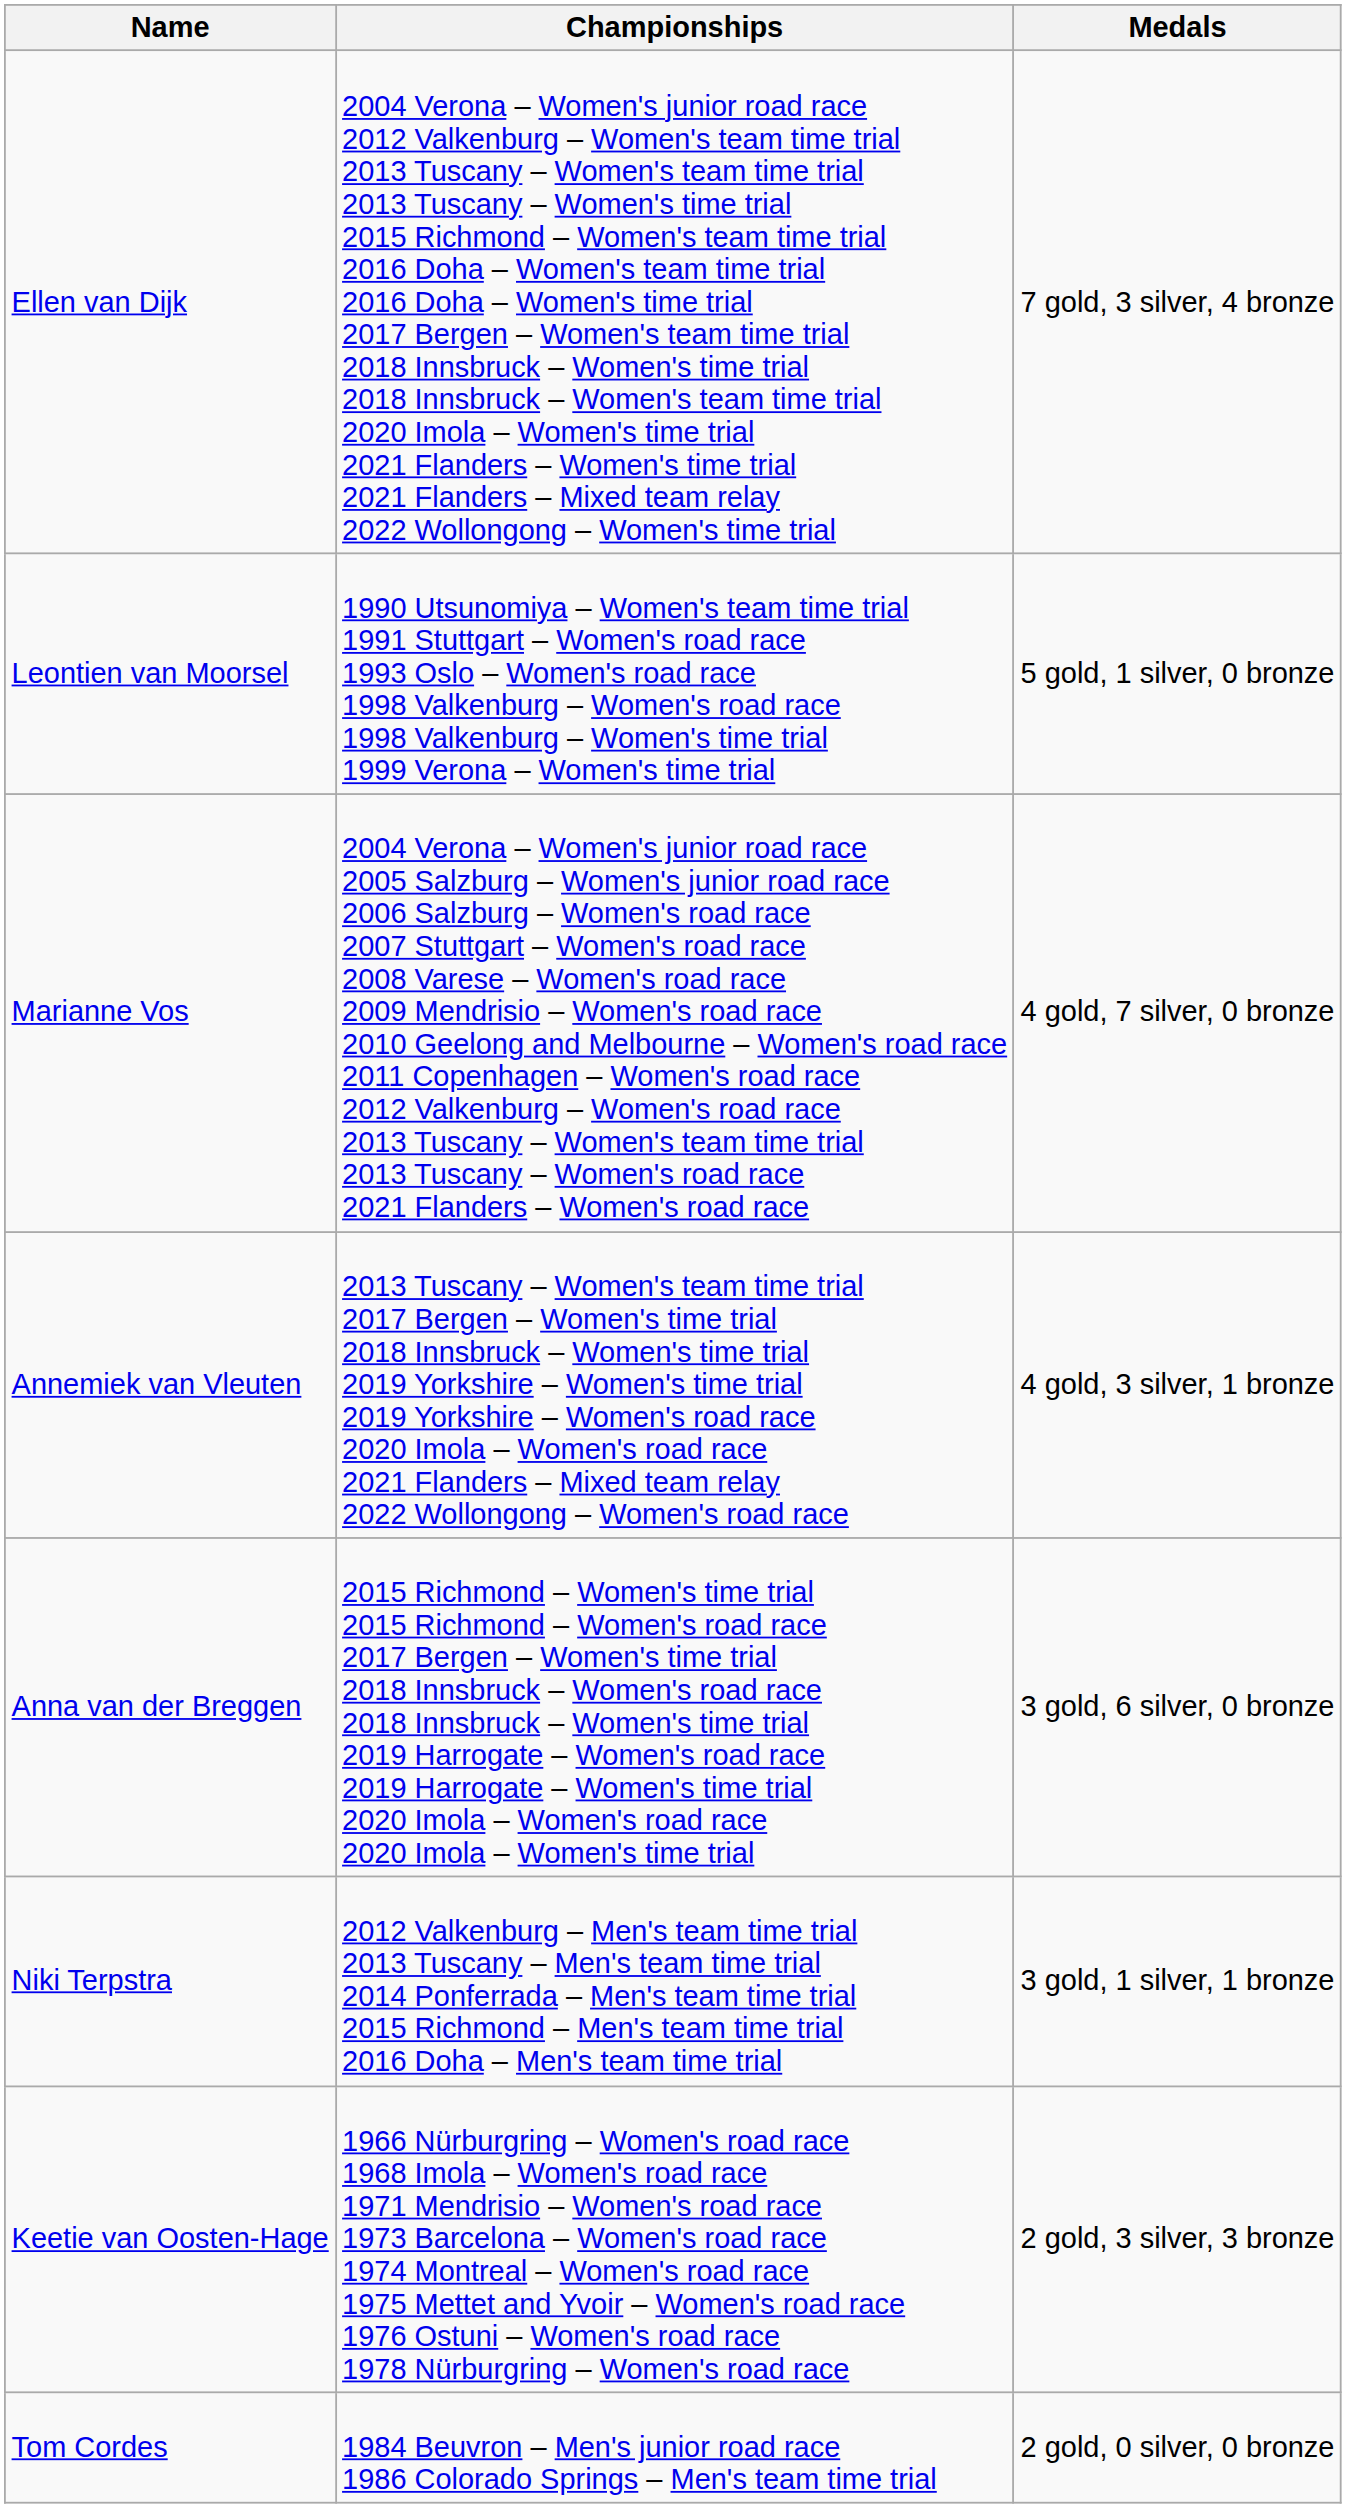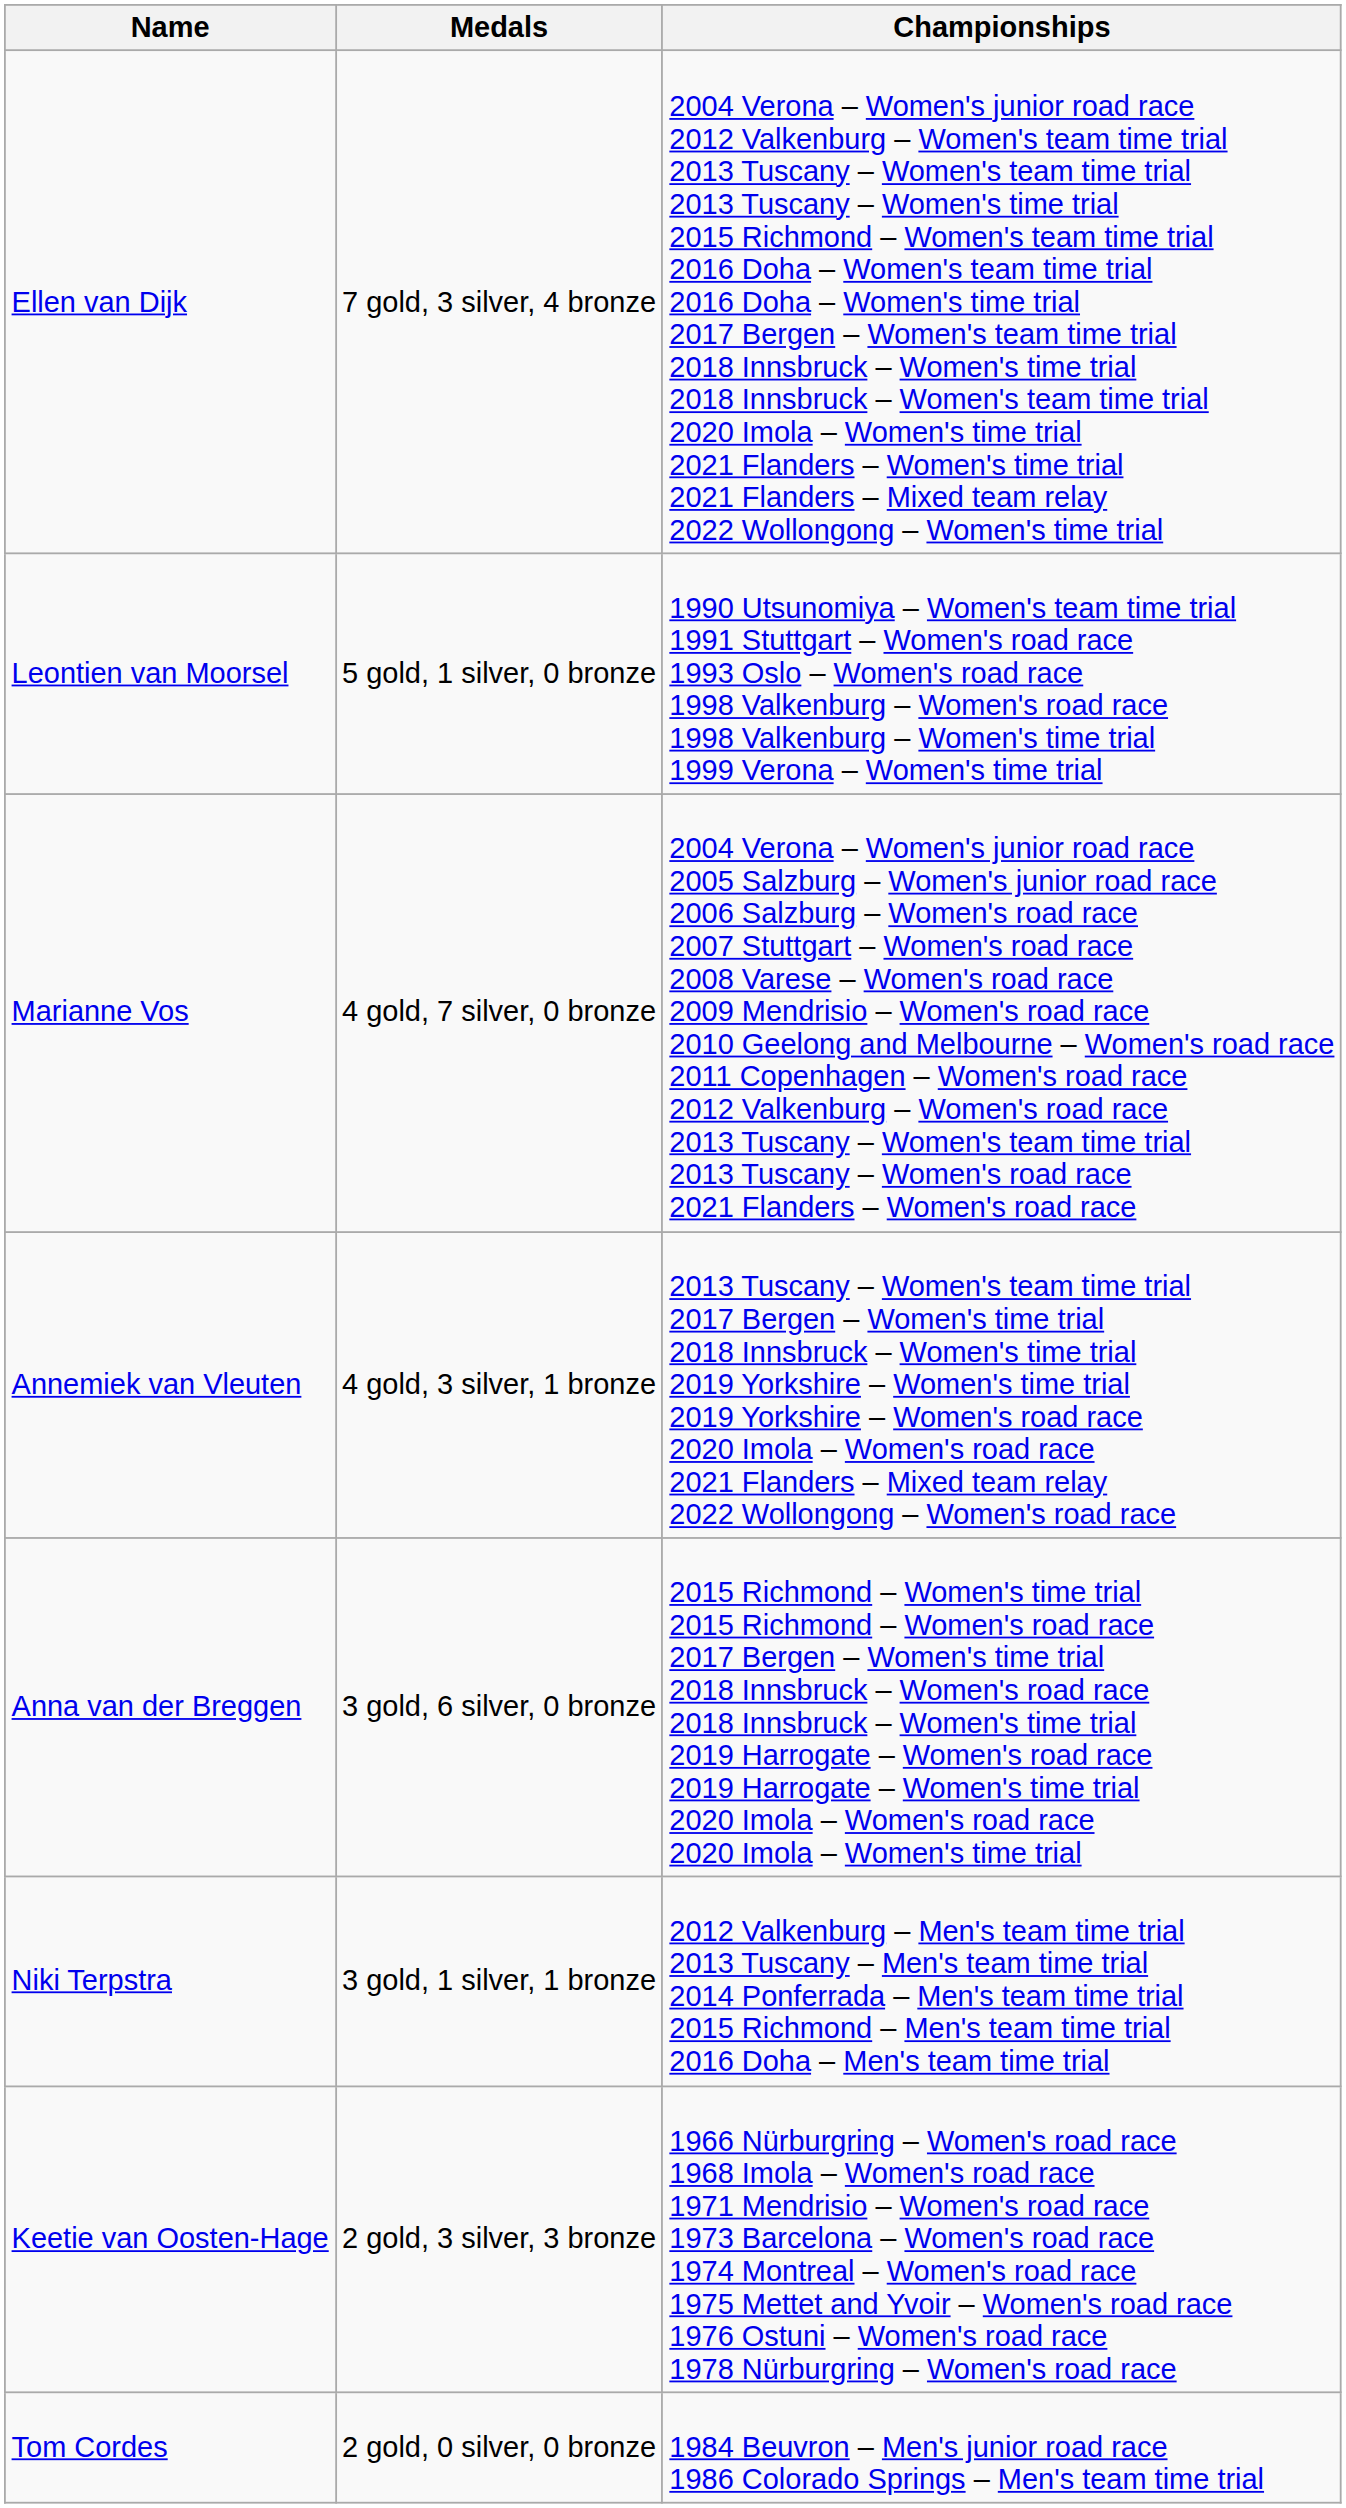 <table class="wikitable">
 <tr>
 <th>Name</th>
+<th>Medals</th>
 <th>Championships</th>
-<th>Medals</th>
 </tr>
 <tr>
 <td><a href='#'>Ellen van Dijk</a></td>
+<td>7 gold, 3 silver, 4 bronze</td>
 <td><br> <a href='#'>2004 Verona</a> – <a href='#'>Women's junior road race</a><br>  <a href='#'>2012 Valkenburg</a> – <a href='#'>Women's team time trial</a><br>  <a href='#'>2013 Tuscany</a> – <a href='#'>Women's team time trial</a><br>  <a href='#'>2013 Tuscany</a> – <a href='#'>Women's time trial</a><br>  <a href='#'>2015 Richmond</a> – <a href='#'>Women's team time trial</a><br>  <a href='#'>2016 Doha</a> – <a href='#'>Women's team time trial</a><br>  <a href='#'>2016 Doha</a> – <a href='#'>Women's time trial</a><br>  <a href='#'>2017 Bergen</a> – <a href='#'>Women's team time trial</a><br>  <a href='#'>2018 Innsbruck</a> – <a href='#'>Women's time trial</a><br>  <a href='#'>2018 Innsbruck</a> – <a href='#'>Women's team time trial</a><br>  <a href='#'>2020 Imola</a> – <a href='#'>Women's time trial</a><br>  <a href='#'>2021 Flanders</a> – <a href='#'>Women's time trial</a><br>  <a href='#'>2021 Flanders</a> – <a href='#'>Mixed team relay</a><br>  <a href='#'>2022 Wollongong</a> – <a href='#'>Women's time trial</a><br></td>
-<td>7 gold, 3 silver, 4 bronze</td>
 </tr>
 <tr>
 <td><a href='#'>Leontien van Moorsel</a></td>
+<td>5 gold, 1 silver, 0 bronze</td>
 <td><br> <a href='#'>1990 Utsunomiya</a> – <a href='#'>Women's team time trial</a><br>  <a href='#'>1991 Stuttgart</a> – <a href='#'>Women's road race</a><br>  <a href='#'>1993 Oslo</a> – <a href='#'>Women's road race</a><br>  <a href='#'>1998 Valkenburg</a> – <a href='#'>Women's road race</a><br>  <a href='#'>1998 Valkenburg</a> – <a href='#'>Women's time trial</a><br>  <a href='#'>1999 Verona</a> – <a href='#'>Women's time trial</a><br></td>
-<td>5 gold, 1 silver, 0 bronze</td>
 </tr>
 <tr>
 <td><a href='#'>Marianne Vos</a></td>
+<td>4 gold, 7 silver, 0 bronze</td>
 <td><br> <a href='#'>2004 Verona</a> – <a href='#'>Women's junior road race</a><br>  <a href='#'>2005 Salzburg</a> – <a href='#'>Women's junior road race</a><br>  <a href='#'>2006 Salzburg</a> – <a href='#'>Women's road race</a><br>  <a href='#'>2007 Stuttgart</a> – <a href='#'>Women's road race</a><br>  <a href='#'>2008 Varese</a> – <a href='#'>Women's road race</a><br>  <a href='#'>2009 Mendrisio</a> – <a href='#'>Women's road race</a><br>  <a href='#'>2010 Geelong and Melbourne</a> – <a href='#'>Women's road race</a><br>  <a href='#'>2011 Copenhagen</a> – <a href='#'>Women's road race</a><br>  <a href='#'>2012 Valkenburg</a> – <a href='#'>Women's road race</a><br>  <a href='#'>2013 Tuscany</a> – <a href='#'>Women's team time trial</a><br>  <a href='#'>2013 Tuscany</a> – <a href='#'>Women's road race</a><br>  <a href='#'>2021 Flanders</a> – <a href='#'>Women's road race</a><br></td>
-<td>4 gold, 7 silver, 0 bronze</td>
 </tr>
 <tr>
 <td><a href='#'>Annemiek van Vleuten</a></td>
+<td>4 gold, 3 silver, 1 bronze</td>
 <td><br> <a href='#'>2013 Tuscany</a> – <a href='#'>Women's team time trial</a><br>  <a href='#'>2017 Bergen</a> – <a href='#'>Women's time trial</a><br>  <a href='#'>2018 Innsbruck</a> – <a href='#'>Women's time trial</a><br>  <a href='#'>2019 Yorkshire</a> – <a href='#'>Women's time trial</a><br>  <a href='#'>2019 Yorkshire</a> – <a href='#'>Women's road race</a><br>  <a href='#'>2020 Imola</a> – <a href='#'>Women's road race</a><br>  <a href='#'>2021 Flanders</a> – <a href='#'>Mixed team relay</a><br>  <a href='#'>2022 Wollongong</a> – <a href='#'>Women's road race</a><br></td>
-<td>4 gold, 3 silver, 1 bronze</td>
 </tr>
 <tr>
 <td><a href='#'>Anna van der Breggen</a></td>
+<td>3 gold, 6 silver, 0 bronze</td>
 <td><br> <a href='#'>2015 Richmond</a> – <a href='#'>Women's time trial</a><br>  <a href='#'>2015 Richmond</a> – <a href='#'>Women's road race</a><br>  <a href='#'>2017 Bergen</a> – <a href='#'>Women's time trial</a><br>  <a href='#'>2018 Innsbruck</a> – <a href='#'>Women's road race</a><br>     <a href='#'>2018 Innsbruck</a> – <a href='#'>Women's time trial</a><br>  <a href='#'>2019 Harrogate</a> – <a href='#'>Women's road race</a><br>     <a href='#'>2019 Harrogate</a> – <a href='#'>Women's time trial</a><br>  <a href='#'>2020 Imola</a> – <a href='#'>Women's road race</a><br>     <a href='#'>2020 Imola</a> – <a href='#'>Women's time trial</a><br></td>
-<td>3 gold, 6 silver, 0 bronze</td>
 </tr>
 <tr>
 <td><a href='#'>Niki Terpstra</a></td>
+<td>3 gold, 1 silver, 1 bronze</td>
 <td><br> <a href='#'>2012 Valkenburg</a> – <a href='#'>Men's team time trial</a><br>  <a href='#'>2013 Tuscany</a> – <a href='#'>Men's team time trial</a><br>  <a href='#'>2014 Ponferrada</a> – <a href='#'>Men's team time trial</a><br>  <a href='#'>2015 Richmond</a> – <a href='#'>Men's team time trial</a><br>  <a href='#'>2016 Doha</a> – <a href='#'>Men's team time trial</a><br></td>
-<td>3 gold, 1 silver, 1 bronze</td>
 </tr>
 <tr>
 <td><a href='#'>Keetie van Oosten-Hage</a></td>
+<td>2 gold, 3 silver, 3 bronze</td>
 <td><br> <a href='#'>1966 Nürburgring</a> – <a href='#'>Women's road race</a><br>  <a href='#'>1968 Imola</a> – <a href='#'>Women's road race</a><br>  <a href='#'>1971 Mendrisio</a> – <a href='#'>Women's road race</a><br>  <a href='#'>1973 Barcelona</a> – <a href='#'>Women's road race</a><br>  <a href='#'>1974 Montreal</a> – <a href='#'>Women's road race</a><br>  <a href='#'>1975 Mettet and Yvoir</a> – <a href='#'>Women's road race</a><br>  <a href='#'>1976 Ostuni</a> – <a href='#'>Women's road race</a><br>  <a href='#'>1978 Nürburgring</a> – <a href='#'>Women's road race</a><br></td>
-<td>2 gold, 3 silver, 3 bronze</td>
 </tr>
 <tr>
 <td><a href='#'>Tom Cordes</a></td>
+<td>2 gold, 0 silver, 0 bronze</td>
 <td><br> <a href='#'>1984 Beuvron</a> – <a href='#'>Men's junior road race</a><br>  <a href='#'>1986 Colorado Springs</a> – <a href='#'>Men's team time trial</a></td>
-<td>2 gold, 0 silver, 0 bronze</td>
 </tr>
 </table>
